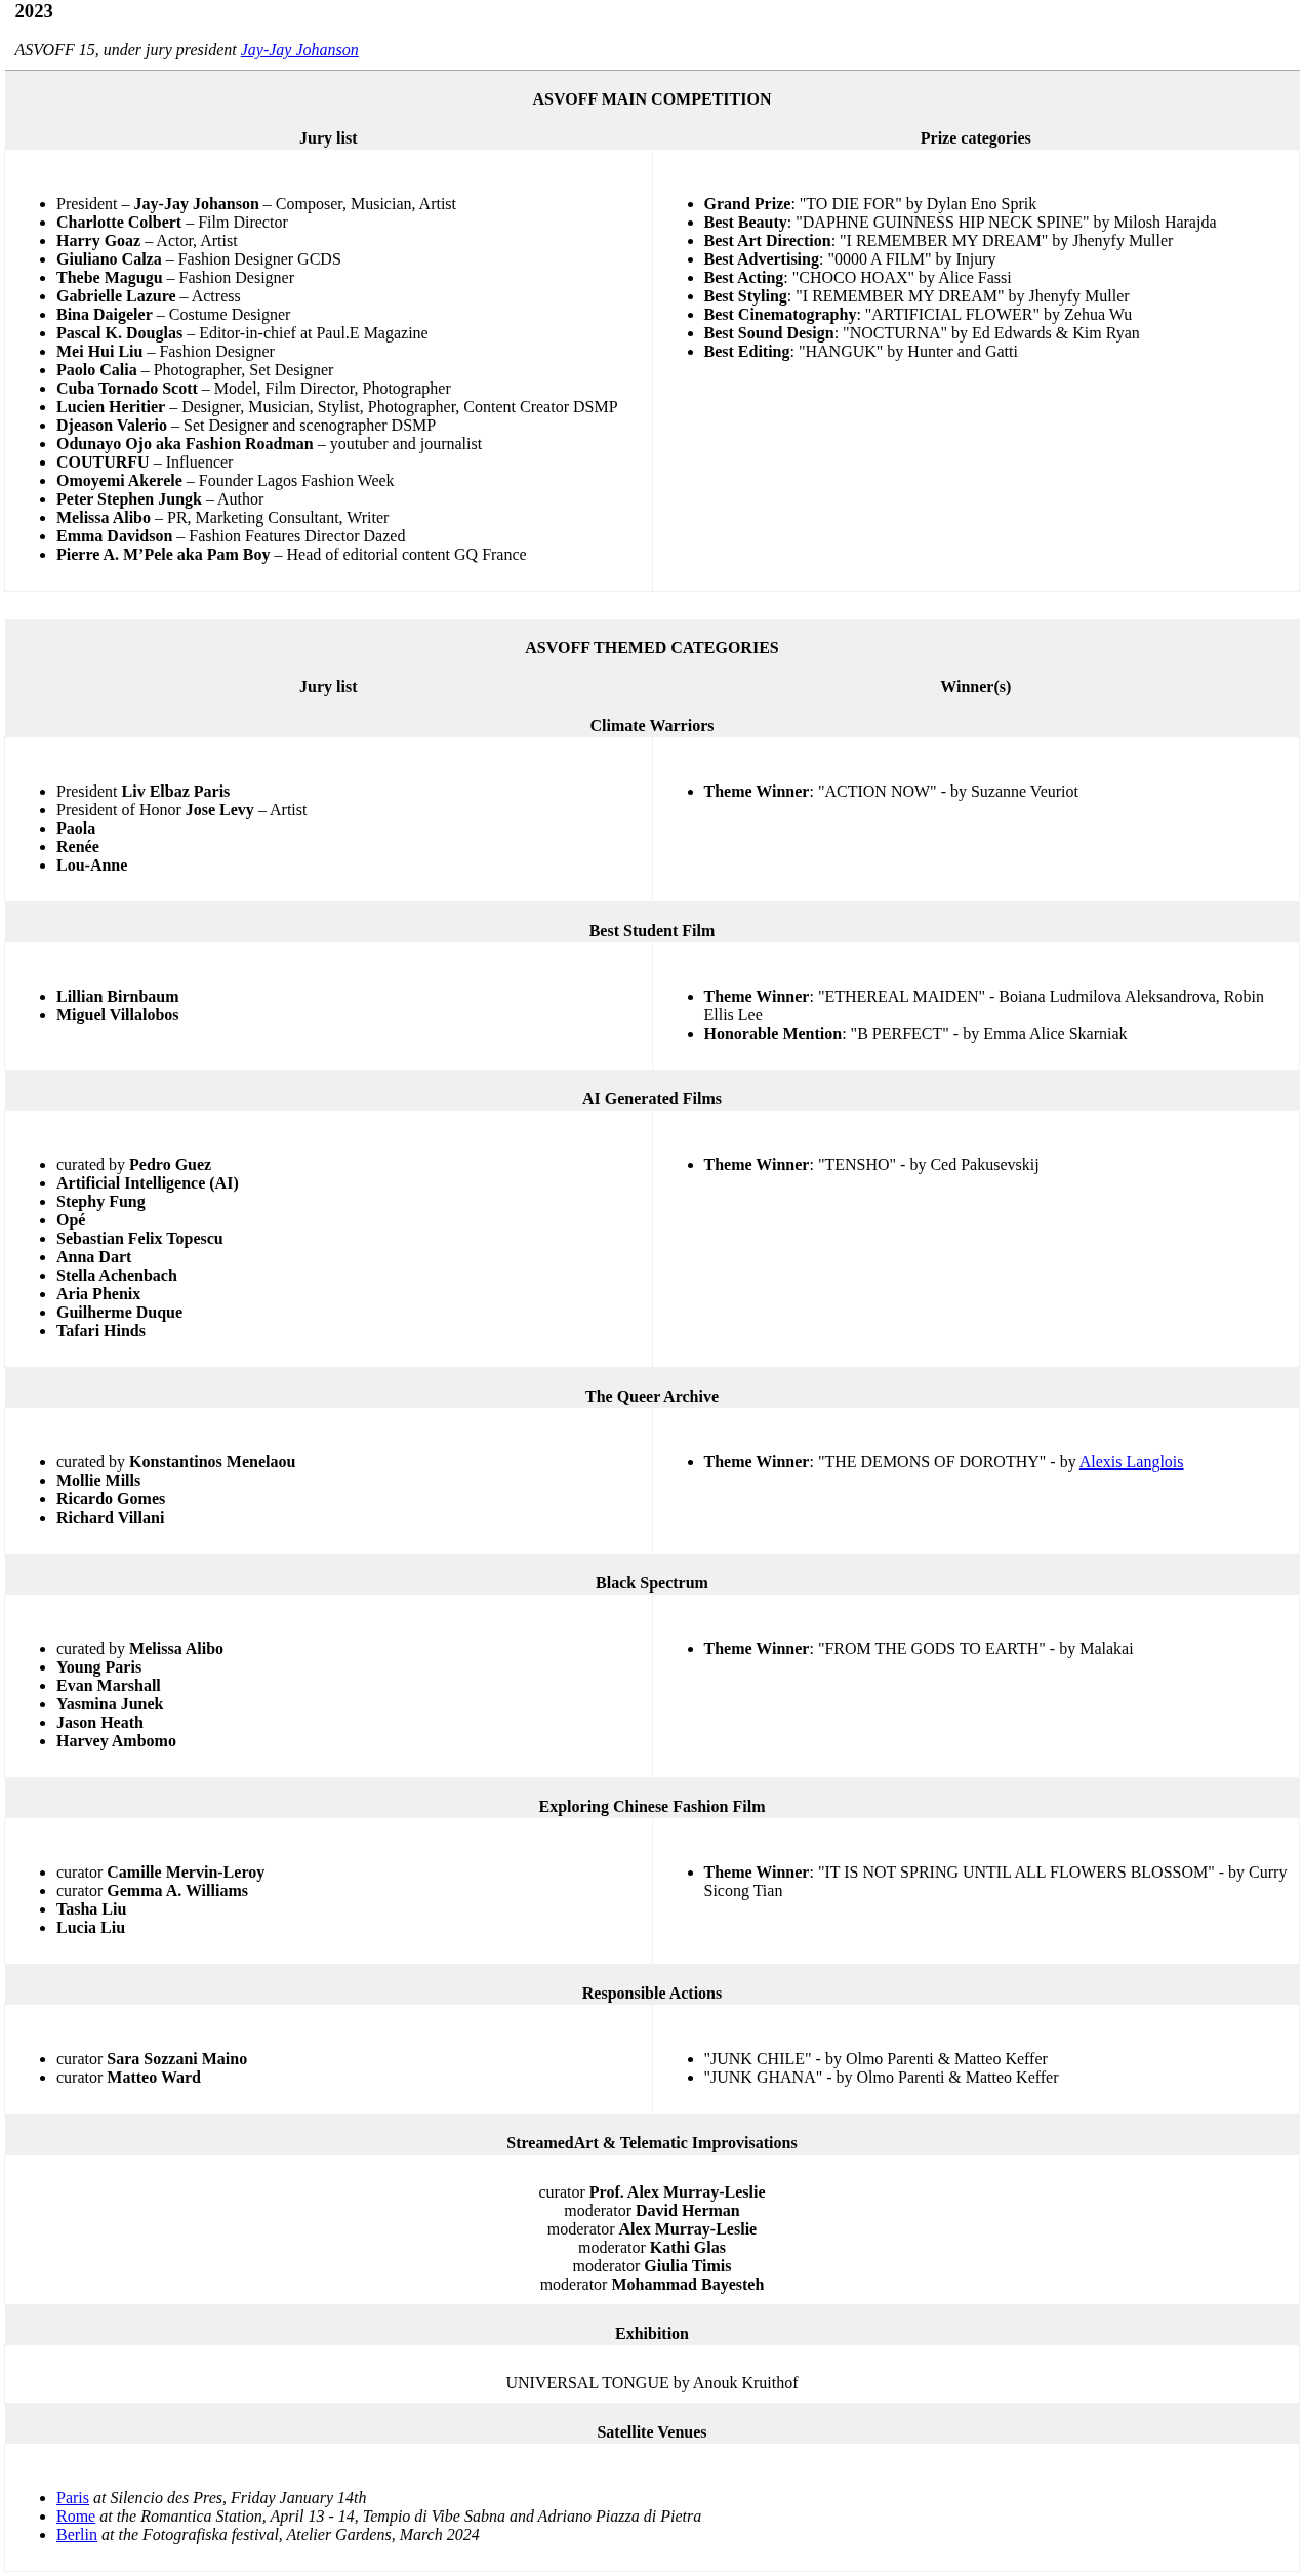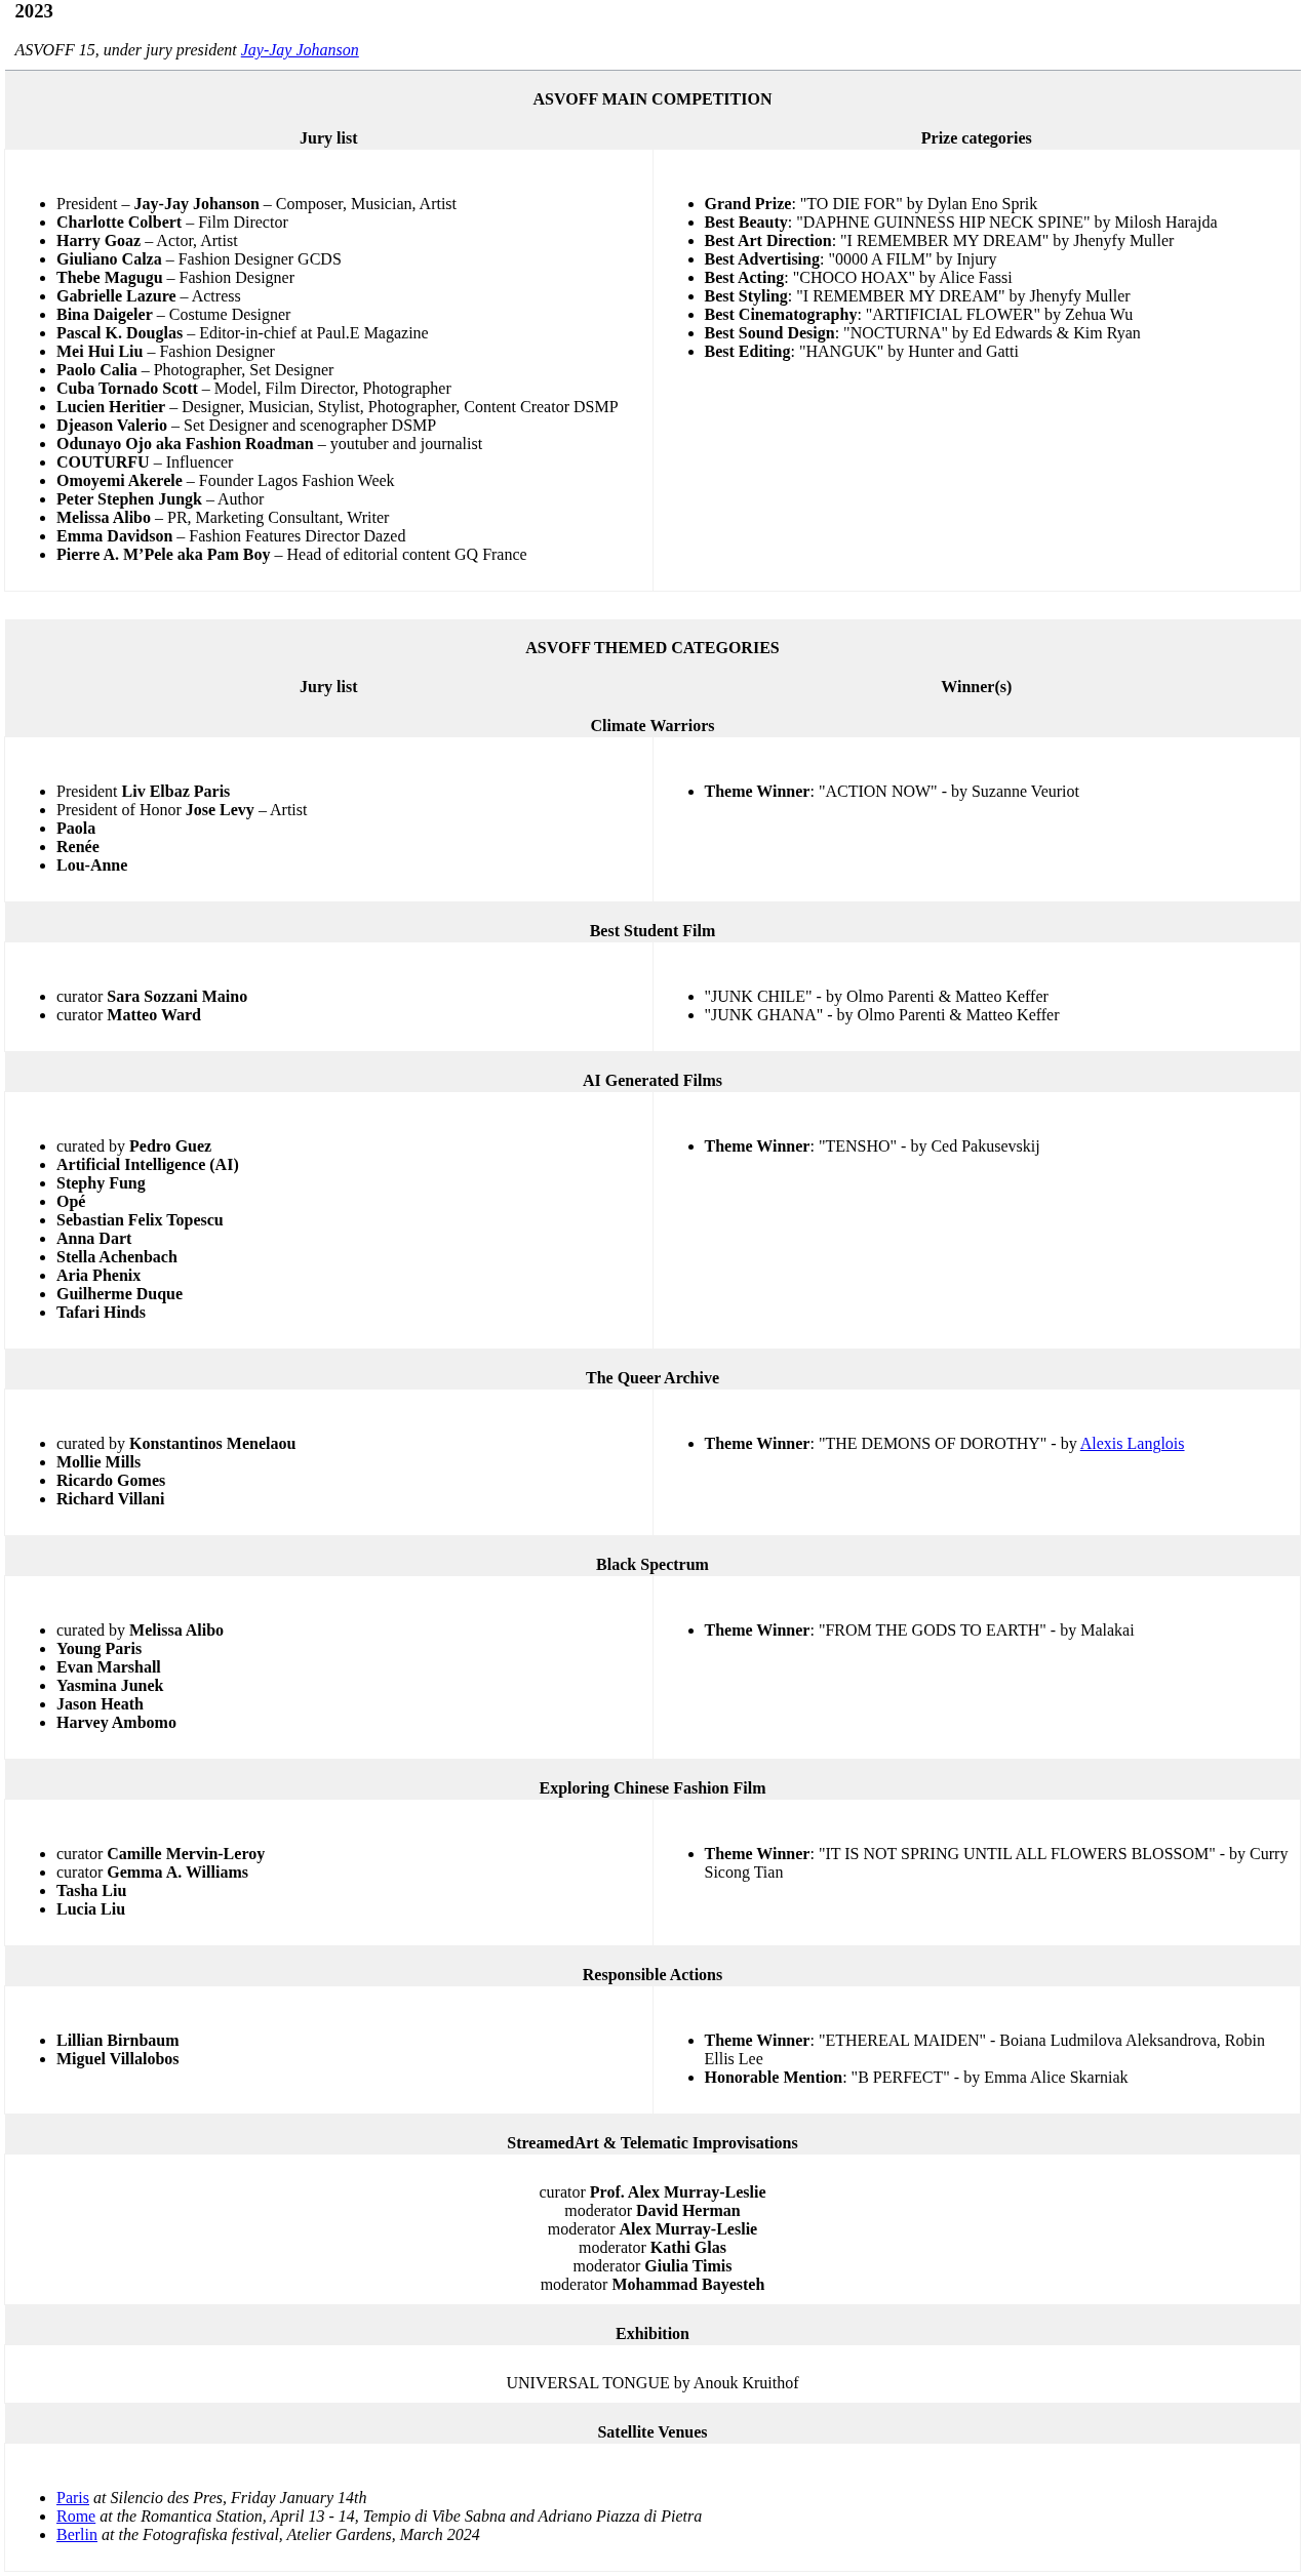 <table style="border-collapse:collapse;width:100%;margin-bottom:25px;">
 <tr>
 <td colspan="2" style="padding:10px;vertical-align:top;border-bottom:1px solid #a2a9b1;"><br><h3>2023</h3><em>ASVOFF 15, under jury president <a href='#'>Jay-Jay Johanson</a></em></td>
 </tr>
 <tr>
 <th colspan="2"  style="background-color:#f0f0f0;text-align:center;"><br><strong>ASVOFF MAIN COMPETITION</strong></th>
 </tr>
 <tr>
 <th style="text-align: center;width:50%;background-color:#f0f0f0;"><br><strong>Jury list</strong></th>
 <th style="text-align: center;width:50%;background-color:#f0f0f0;"><br>Prize categories</th>
 </tr>
 <tr>
 <td style="padding:10px;vertical-align:top;border:1px solid #f0f0f0;"><br><ul><li>President – <strong>Jay-Jay Johanson</strong> – Composer, Musician, Artist</li><li><strong>Charlotte Colbert</strong> – Film Director</li><li><strong>Harry Goaz</strong> – Actor, Artist</li><li><strong>Giuliano Calza</strong> – Fashion Designer GCDS</li><li><strong>Thebe Magugu</strong> – Fashion Designer</li><li><strong>Gabrielle Lazure</strong> – Actress</li><li><strong>Bina Daigeler</strong> – Costume Designer</li><li><strong>Pascal K. Douglas</strong> – Editor-in-chief at Paul.E Magazine</li><li><strong>Mei Hui Liu</strong> – Fashion Designer</li><li><strong>Paolo Calia</strong> – Photographer, Set Designer</li><li><strong>Cuba Tornado Scott</strong> – Model, Film Director, Photographer</li><li><strong>Lucien Heritier</strong> – Designer, Musician, Stylist, Photographer, Content Creator DSMP</li><li><strong>Djeason Valerio</strong> – Set Designer and scenographer DSMP</li><li><strong>Odunayo Ojo aka Fashion Roadman</strong> – youtuber and journalist</li><li><strong>COUTURFU</strong> – Influencer</li><li><strong>Omoyemi Akerele</strong> – Founder Lagos Fashion Week</li><li><strong>Peter Stephen Jungk</strong> – Author</li><li><strong>Melissa Alibo</strong> – PR, Marketing Consultant, Writer</li><li><strong>Emma Davidson</strong> – Fashion Features Director Dazed</li><li><strong>Pierre A. M’Pele aka Pam Boy</strong> – Head of editorial content GQ France</li></ul></td>
 <td style="padding:10px;vertical-align:top;border:1px solid #f0f0f0;"><br><ul><li><strong>Grand Prize</strong>: "TO DIE FOR" by Dylan Eno Sprik</li><li><strong>Best Beauty</strong>: "DAPHNE GUINNESS HIP NECK SPINE" by Milosh Harajda</li><li><strong>Best Art Direction</strong>: "I REMEMBER MY DREAM" by Jhenyfy Muller</li><li><strong>Best Advertising</strong>: "0000 A FILM" by Injury</li><li><strong>Best Acting</strong>: "CHOCO HOAX" by Alice Fassi</li><li><strong>Best Styling</strong>: "I REMEMBER MY DREAM" by Jhenyfy Muller</li><li><strong>Best Cinematography</strong>: "ARTIFICIAL FLOWER" by Zehua Wu</li><li><strong>Best Sound Design</strong>: "NOCTURNA" by Ed Edwards & Kim Ryan</li><li><strong>Best Editing</strong>: "HANGUK" by Hunter and Gatti</li></ul></td>
 </tr>
 <tr>
 <th colspan="2" style="height:25px;"></th>
 </tr>
 <tr>
 <th colspan="2"  style="background-color:#f0f0f0;text-align:center;"><br><strong>ASVOFF THEMED CATEGORIES</strong></th>
 </tr>
 <tr>
 <th style="text-align: center;width:50%;background-color:#f0f0f0;"><br><strong>Jury list</strong></th>
 <th style="text-align: center;width:50%;background-color:#f0f0f0;"><br>Winner(s)</th>
 </tr>
 <tr>
 <th colspan="2"  style="background-color:#f0f0f0;text-align:center;"><br><strong>Climate Warriors</strong></th>
 </tr>
 <tr>
 <td style="padding:10px;vertical-align:top;border:1px solid #f0f0f0;"><br><ul><li>President <strong>Liv Elbaz Paris</strong></li><li>President of Honor <strong>Jose Levy</strong> – Artist</li><li><strong>Paola</strong></li><li><strong>Renée</strong></li><li><strong>Lou-Anne</strong></li></ul></td>
 <td style="padding:10px;vertical-align:top;border:1px solid #f0f0f0;"><br><ul><li><strong>Theme Winner</strong>: "ACTION NOW" - by Suzanne Veuriot</li></ul></td>
 </tr>
 <tr>
 <th colspan="2"  style="background-color:#f0f0f0;text-align:center;"><br><strong>Best Student Film</strong></th>
 </tr>
 <tr>
-<td style="padding:10px;vertical-align:top;border:1px solid #f0f0f0;"><br><ul><li><strong>Lillian Birnbaum</strong></li><li><strong>Miguel Villalobos</strong></li></ul></td>
-<td style="padding:10px;vertical-align:top;border:1px solid #f0f0f0;"><br><ul><li><strong>Theme Winner</strong>: "ETHEREAL MAIDEN" - Boiana Ludmilova Aleksandrova, Robin Ellis Lee</li><li><strong>Honorable Mention</strong>: "B PERFECT" - by Emma Alice Skarniak</li></ul></td>
+<td style="padding:10px;vertical-align:top;border:1px solid #f0f0f0;"><br><ul><li>curator <strong>Sara Sozzani Maino</strong></li><li>curator <strong>Matteo Ward</strong></li></ul></td>
+<td style="padding:10px;vertical-align:top;border:1px solid #f0f0f0;"><br><ul><li>"JUNK CHILE" - by Olmo Parenti & Matteo Keffer</li><li>"JUNK GHANA" - by Olmo Parenti & Matteo Keffer</li></ul></td>
 </tr>
 <tr>
 <th colspan="2"  style="background-color:#f0f0f0;text-align:center;"><br><strong>AI Generated Films</strong></th>
 </tr>
 <tr>
 <td style="padding:10px;vertical-align:top;border:1px solid #f0f0f0;"><br><ul><li>curated by <strong>Pedro Guez</strong></li><li><strong>Artificial Intelligence (AI)</strong></li><li><strong>Stephy Fung</strong></li><li><strong>Opé</strong></li><li><strong>Sebastian Felix Topescu</strong></li><li><strong>Anna Dart</strong></li><li><strong>Stella Achenbach</strong></li><li><strong>Aria Phenix</strong></li><li><strong>Guilherme Duque</strong></li><li><strong>Tafari Hinds</strong></li></ul></td>
 <td style="padding:10px;vertical-align:top;border:1px solid #f0f0f0;"><br><ul><li><strong>Theme Winner</strong>: "TENSHO" - by Ced Pakusevskij</li></ul></td>
 </tr>
 <tr>
 <th colspan="2"  style="background-color:#f0f0f0;text-align:center;"><br><strong>The Queer Archive</strong></th>
 </tr>
 <tr>
 <td style="padding:10px;vertical-align:top;border:1px solid #f0f0f0;"><br><ul><li>curated by <strong>Konstantinos Menelaou</strong></li><li><strong>Mollie Mills</strong></li><li><strong>Ricardo Gomes</strong></li><li><strong>Richard Villani</strong></li></ul></td>
 <td style="padding:10px;vertical-align:top;border:1px solid #f0f0f0;"><br><ul><li><strong>Theme Winner</strong>: "THE DEMONS OF DOROTHY" - by <a href='#'>Alexis Langlois</a></li></ul></td>
 </tr>
 <tr>
 <th colspan="2"  style="background-color:#f0f0f0;text-align:center;"><br><strong>Black Spectrum</strong></th>
 </tr>
 <tr>
 <td style="padding:10px;vertical-align:top;border:1px solid #f0f0f0;"><br><ul><li>curated by <strong>Melissa Alibo</strong></li><li><strong>Young Paris</strong></li><li><strong>Evan Marshall</strong></li><li><strong>Yasmina Junek</strong></li><li><strong>Jason Heath</strong></li><li><strong>Harvey Ambomo</strong></li></ul></td>
 <td style="padding:10px;vertical-align:top;border:1px solid #f0f0f0;"><br><ul><li><strong>Theme Winner</strong>: "FROM THE GODS TO EARTH" - by Malakai</li></ul></td>
 </tr>
 <tr>
 <th colspan="2"  style="background-color:#f0f0f0;text-align:center;"><br><strong>Exploring Chinese Fashion Film</strong></th>
 </tr>
 <tr>
 <td style="padding:10px;vertical-align:top;border:1px solid #f0f0f0;"><br><ul><li>curator <strong>Camille Mervin-Leroy</strong></li><li>curator <strong>Gemma A. Williams</strong></li><li><strong>Tasha Liu</strong></li><li><strong>Lucia Liu</strong></li></ul></td>
 <td style="padding:10px;vertical-align:top;border:1px solid #f0f0f0;"><br><ul><li><strong>Theme Winner</strong>: "IT IS NOT SPRING UNTIL ALL FLOWERS BLOSSOM" - by Curry Sicong Tian</li></ul></td>
 </tr>
 <tr>
 <th colspan="2"  style="background-color:#f0f0f0;text-align:center;"><br><strong>Responsible Actions</strong></th>
 </tr>
 <tr>
-<td style="padding:10px;vertical-align:top;border:1px solid #f0f0f0;"><br><ul><li>curator <strong>Sara Sozzani Maino</strong></li><li>curator <strong>Matteo Ward</strong></li></ul></td>
-<td style="padding:10px;vertical-align:top;border:1px solid #f0f0f0;"><br><ul><li>"JUNK CHILE" - by Olmo Parenti & Matteo Keffer</li><li>"JUNK GHANA" - by Olmo Parenti & Matteo Keffer</li></ul></td>
+<td style="padding:10px;vertical-align:top;border:1px solid #f0f0f0;"><br><ul><li><strong>Lillian Birnbaum</strong></li><li><strong>Miguel Villalobos</strong></li></ul></td>
+<td style="padding:10px;vertical-align:top;border:1px solid #f0f0f0;"><br><ul><li><strong>Theme Winner</strong>: "ETHEREAL MAIDEN" - Boiana Ludmilova Aleksandrova, Robin Ellis Lee</li><li><strong>Honorable Mention</strong>: "B PERFECT" - by Emma Alice Skarniak</li></ul></td>
 </tr>
 <tr>
 <th colspan="2"  style="background-color:#f0f0f0;text-align:center;"><br><strong>StreamedArt & Telematic Improvisations</strong></th>
 </tr>
 <tr>
 <td colspan="2" style="padding:10px;vertical-align:top;border:1px solid #f0f0f0;text-align:center;"><br>curator <strong>Prof. Alex Murray-Leslie</strong><br> moderator <strong>David Herman</strong><br> moderator <strong>Alex Murray-Leslie</strong><br> moderator <strong>Kathi Glas</strong><br> moderator <strong>Giulia Timis</strong><br> moderator <strong>Mohammad Bayesteh</strong><br></td>
 </tr>
 <tr>
 <th colspan="2"  style="background-color:#f0f0f0;text-align:center;"><br><strong>Exhibition</strong></th>
 </tr>
 <tr>
 <td colspan="2" style="padding:10px;vertical-align:top;border:1px solid #f0f0f0;text-align:center;"><br>UNIVERSAL TONGUE by Anouk Kruithof</td>
 </tr>
 <tr>
 <th colspan="2"  style="background-color:#f0f0f0;"><br><strong>Satellite Venues</strong></th>
 </tr>
 <tr>
 <td colspan="2" style="padding:10px;vertical-align:top;border:1px solid #f0f0f0;"><br><ul><li><a href='#'>Paris</a> <em>at Silencio des Pres, Friday January 14th</em></li><li><a href='#'>Rome</a> <em>at the Romantica Station, April 13 - 14, Tempio di Vibe Sabna and Adriano Piazza di Pietra</em></li><li><a href='#'>Berlin</a> <em>at the Fotografiska festival, Atelier Gardens, March 2024</em></li></ul></td>
 </tr>
 </table>
